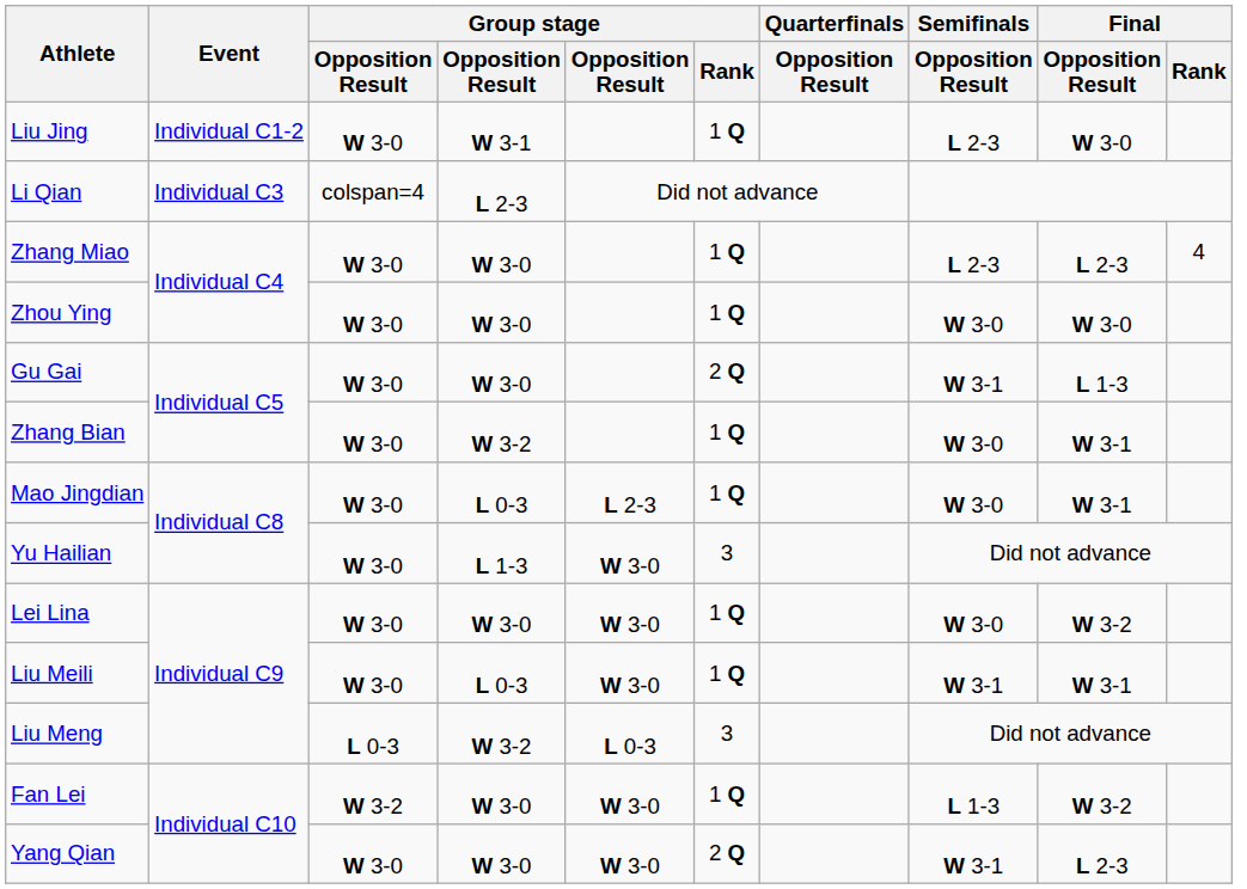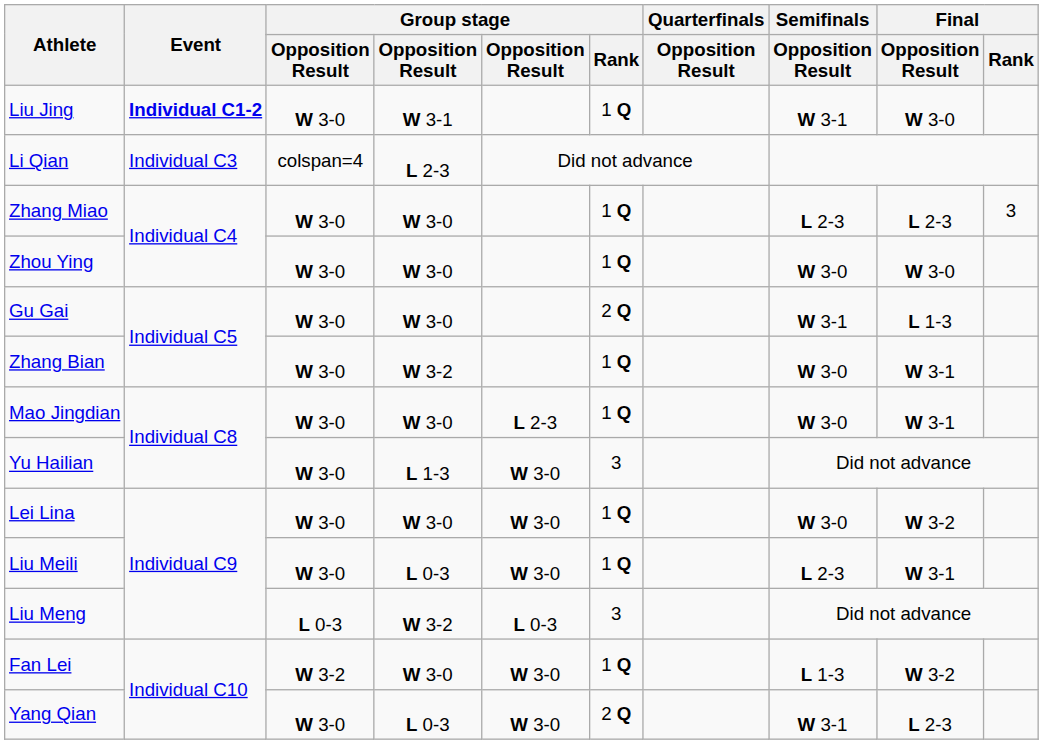 <table class=wikitable style="text-align: center; font-size:90%">
 <tr>
 <th rowspan="2">Athlete</th>
 <th rowspan="2">Event</th>
 <th colspan="4">Group stage</th>
 <th>Quarterfinals</th>
 <th>Semifinals</th>
 <th colspan="2">Final</th>
 </tr>
 <tr>
 <th>Opposition<br>Result</th>
 <th>Opposition<br>Result</th>
 <th>Opposition<br>Result</th>
 <th>Rank</th>
 <th>Opposition<br>Result</th>
 <th>Opposition<br>Result</th>
 <th>Opposition<br>Result</th>
 <th>Rank</th>
 </tr>
 <tr>
 <td align=left><a href='#'>Liu Jing</a></td>
-<td align=left><a href='#'>Individual C1-2</a></td>
+<td align=left><strong><a href='#'>Individual C1-2</a></strong></td>
 <td><br><strong>W</strong> 3-0</td>
 <td><br><strong>W</strong> 3-1</td>
 <td></td>
 <td>1 <strong>Q</strong></td>
 <td></td>
-<td><br><strong>L</strong> 2-3</td>
+<td><br><strong>W</strong> 3-1</td>
 <td><br><strong>W</strong> 3-0</td>
 <td></td>
 </tr>
 <tr>
 <td align=left><a href='#'>Li Qian</a></td>
 <td align=left><a href='#'>Individual C3</a></td>
 <td>colspan=4 </td>
 <td><br><strong>L</strong> 2-3</td>
 <td colspan=3>Did not advance</td>
 </tr>
 <tr>
 <td align=left><a href='#'>Zhang Miao</a></td>
 <td align=left rowspan=2><a href='#'>Individual C4</a></td>
 <td><br><strong>W</strong> 3-0</td>
 <td><br><strong>W</strong> 3-0</td>
 <td></td>
 <td>1 <strong>Q</strong></td>
 <td></td>
 <td><br><strong>L</strong> 2-3</td>
 <td><br><strong>L</strong> 2-3</td>
-<td>4</td>
+<td>3</td>
 </tr>
 <tr>
 <td align=left><a href='#'>Zhou Ying</a></td>
 <td><br><strong>W</strong> 3-0</td>
 <td><br><strong>W</strong> 3-0</td>
 <td></td>
 <td>1 <strong>Q</strong></td>
 <td></td>
 <td><br><strong>W</strong> 3-0</td>
 <td><br><strong>W</strong> 3-0</td>
 <td></td>
 </tr>
 <tr>
 <td align=left><a href='#'>Gu Gai</a></td>
 <td align=left rowspan=2><a href='#'>Individual C5</a></td>
 <td><br><strong>W</strong> 3-0</td>
 <td><br><strong>W</strong> 3-0</td>
 <td></td>
 <td>2 <strong>Q</strong></td>
 <td></td>
 <td><br><strong>W</strong> 3-1</td>
 <td><br><strong>L</strong> 1-3</td>
 <td></td>
 </tr>
 <tr>
 <td align=left><a href='#'>Zhang Bian</a></td>
 <td><br><strong>W</strong> 3-0</td>
 <td><br><strong>W</strong> 3-2</td>
 <td></td>
 <td>1 <strong>Q</strong></td>
 <td></td>
 <td><br><strong>W</strong> 3-0</td>
 <td><br><strong>W</strong> 3-1</td>
 <td></td>
 </tr>
 <tr>
 <td align=left><a href='#'>Mao Jingdian</a></td>
 <td align=left rowspan=2><a href='#'>Individual C8</a></td>
 <td><br><strong>W</strong> 3-0</td>
-<td><br><strong>L</strong> 0-3</td>
+<td><br><strong>W</strong> 3-0</td>
 <td><br><strong>L</strong> 2-3</td>
 <td>1 <strong>Q</strong></td>
 <td></td>
 <td><br><strong>W</strong> 3-0</td>
 <td><br><strong>W</strong> 3-1</td>
 <td></td>
 </tr>
 <tr>
 <td align=left><a href='#'>Yu Hailian</a></td>
 <td><br><strong>W</strong> 3-0</td>
 <td><br><strong>L</strong> 1-3</td>
 <td><br><strong>W</strong> 3-0</td>
 <td>3</td>
 <td></td>
 <td colspan=3>Did not advance</td>
 </tr>
 <tr>
 <td align=left><a href='#'>Lei Lina</a></td>
 <td align=left rowspan=3><a href='#'>Individual C9</a></td>
 <td><br><strong>W</strong> 3-0</td>
 <td><br><strong>W</strong> 3-0</td>
 <td><br><strong>W</strong> 3-0</td>
 <td>1 <strong>Q</strong></td>
 <td></td>
 <td><br><strong>W</strong> 3-0</td>
 <td><br><strong>W</strong> 3-2</td>
 <td></td>
 </tr>
 <tr>
 <td align=left><a href='#'>Liu Meili</a></td>
 <td><br><strong>W</strong> 3-0</td>
 <td><br><strong>L</strong> 0-3</td>
 <td><br><strong>W</strong> 3-0</td>
 <td>1 <strong>Q</strong></td>
 <td></td>
-<td><br><strong>W</strong> 3-1</td>
+<td><br><strong>L</strong> 2-3</td>
 <td><br><strong>W</strong> 3-1</td>
 <td></td>
 </tr>
 <tr>
 <td align=left><a href='#'>Liu Meng</a></td>
 <td><br><strong>L</strong> 0-3</td>
 <td><br><strong>W</strong> 3-2</td>
 <td><br><strong>L</strong> 0-3</td>
 <td>3</td>
 <td></td>
 <td colspan=3>Did not advance</td>
 </tr>
 <tr>
 <td align=left><a href='#'>Fan Lei</a></td>
 <td align=left rowspan=2><a href='#'>Individual C10</a></td>
 <td><br><strong>W</strong> 3-2</td>
 <td><br><strong>W</strong> 3-0</td>
 <td><br><strong>W</strong> 3-0</td>
 <td>1 <strong>Q</strong></td>
 <td></td>
 <td><br><strong>L</strong> 1-3</td>
 <td><br><strong>W</strong> 3-2</td>
 <td></td>
 </tr>
 <tr>
 <td align=left><a href='#'>Yang Qian</a></td>
 <td><br><strong>W</strong> 3-0</td>
-<td><br><strong>W</strong> 3-0</td>
+<td><br><strong>L</strong> 0-3</td>
 <td><br><strong>W</strong> 3-0</td>
 <td>2 <strong>Q</strong></td>
 <td></td>
 <td><br><strong>W</strong> 3-1</td>
 <td><br><strong>L</strong> 2-3</td>
 <td></td>
 </tr>
 </table>
